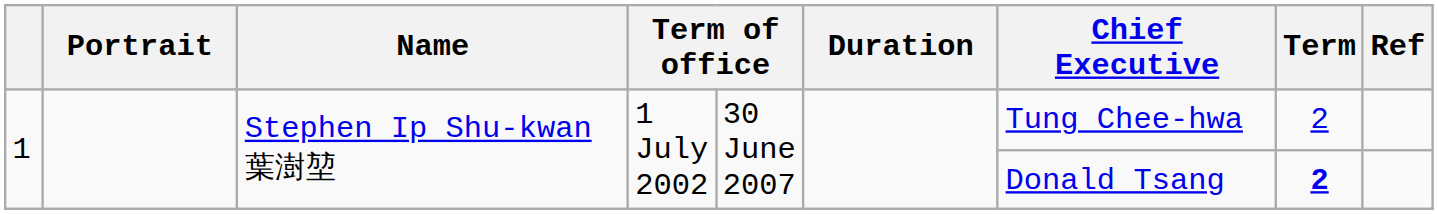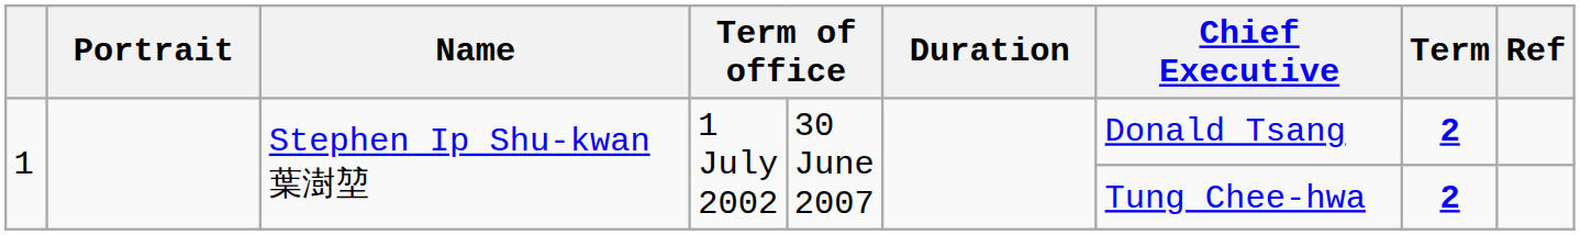 <table class="wikitable"  style="text-align:left">
 <tr>
 <th width=10px></th>
 <th width=80px>Portrait</th>
 <th width=180px>Name</th>
 <th width=180px colspan=2>Term of office</th>
 <th width=80px>Duration</th>
 <th width=120px><a href='#'>Chief Executive</a></th>
 <th>Term</th>
 <th>Ref</th>
 </tr>
 <tr>
 <td rowspan=2 bgcolor=>1</td>
 <td rowspan=2></td>
 <td rowspan=2><a href='#'>Stephen Ip Shu-kwan</a><br>葉澍堃</td>
 <td rowspan=2>1 July 2002</td>
 <td rowspan=2>30 June 2007</td>
 <td rowspan=2></td>
-<td><a href='#'>Tung Chee-hwa</a><br></td>
-<td align=center><a href='#'>2</a></td>
-<td></td>
-</tr>
-<tr>
 <td><a href='#'>Donald Tsang</a><br></td>
 <td align=center><strong><a href='#'>2</a></strong></td>
 <td></td>
 </tr>
+<tr>
+<td><a href='#'>Tung Chee-hwa</a><br></td>
+<td align=center><strong><a href='#'>2</a></strong></td>
+<td></td>
+</tr>
 </table>
